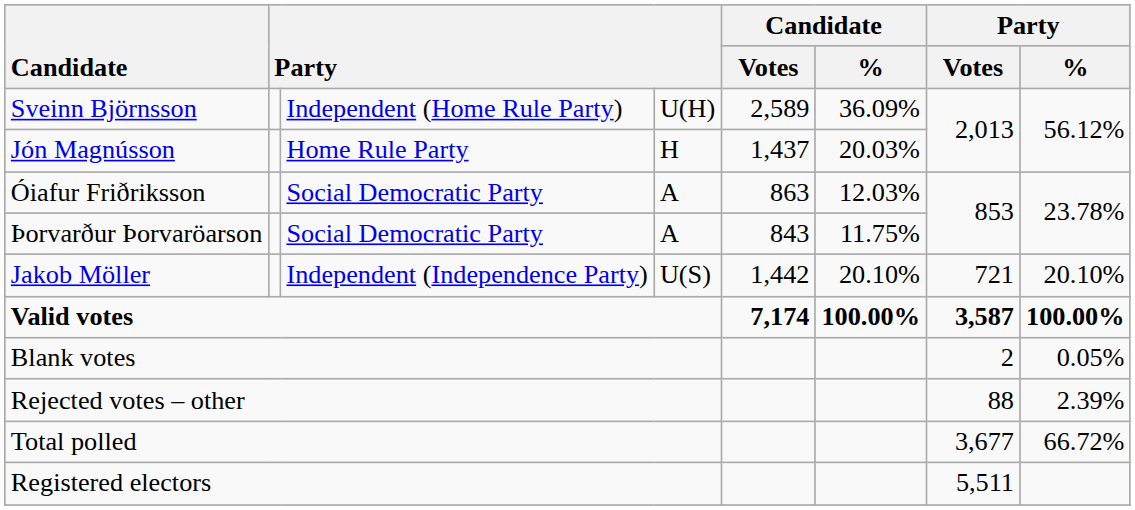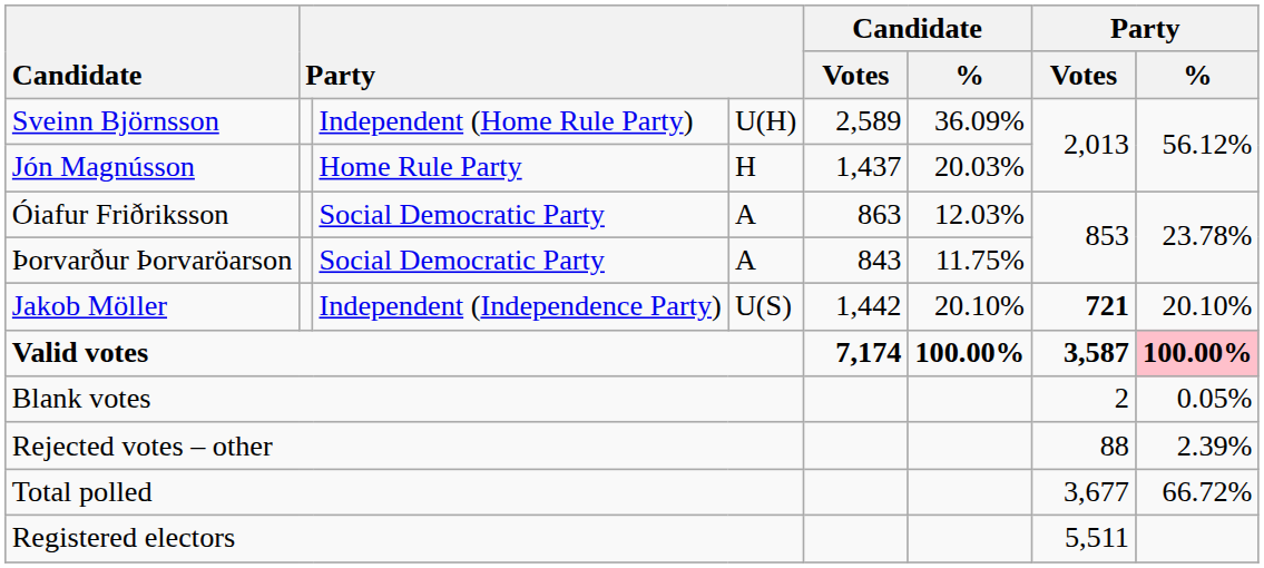 <table class="wikitable" border="1" style="text-align:right;">
 <tr>
 <th style="text-align:left;" valign=bottom rowspan=2>Candidate</th>
 <th style="text-align:left;" valign=bottom rowspan=2 colspan=3>Party</th>
 <th colspan=2>Candidate</th>
 <th colspan=2>Party</th>
 </tr>
 <tr>
 <th align=center valign=bottom width="50">Votes</th>
 <th align=center valign=bottom width="50">%</th>
 <th align=center valign=bottom width="50">Votes</th>
 <th align=center valign=bottom width="50">%</th>
 </tr>
 <tr>
 <td align=left><a href='#'>Sveinn Björnsson</a></td>
 <td></td>
 <td align=left><a href='#'>Independent</a> (<a href='#'>Home Rule Party</a>)</td>
 <td align=left>U(H)</td>
 <td>2,589</td>
 <td>36.09%</td>
 <td rowspan=2>2,013</td>
 <td rowspan=2>56.12%</td>
 </tr>
 <tr>
 <td align=left><a href='#'>Jón Magnússon</a></td>
 <td></td>
 <td align=left><a href='#'>Home Rule Party</a></td>
 <td align=left>H</td>
 <td>1,437</td>
 <td>20.03%</td>
 </tr>
 <tr>
 <td align=left>Óiafur Friðriksson</td>
 <td></td>
 <td align=left><a href='#'>Social Democratic Party</a></td>
 <td align=left>A</td>
 <td>863</td>
 <td>12.03%</td>
 <td rowspan=2>853</td>
 <td rowspan=2>23.78%</td>
 </tr>
 <tr>
 <td align=left>Þorvarður Þorvaröarson</td>
 <td></td>
 <td align=left><a href='#'>Social Democratic Party</a></td>
 <td align=left>A</td>
 <td>843</td>
 <td>11.75%</td>
 </tr>
 <tr>
 <td align=left><a href='#'>Jakob Möller</a></td>
 <td></td>
 <td align=left><a href='#'>Independent</a> (<a href='#'>Independence Party</a>)</td>
 <td align=left>U(S)</td>
 <td>1,442</td>
 <td>20.10%</td>
-<td>721</td>
+<td><strong>721</strong></td>
 <td>20.10%</td>
 </tr>
 <tr style="font-weight:bold">
 <td align=left colspan=4>Valid votes</td>
 <td>7,174</td>
 <td>100.00%</td>
 <td>3,587</td>
-<td>100.00%</td>
+<td style="background: pink;">100.00%</td>
 </tr>
 <tr>
 <td align=left colspan=4>Blank votes</td>
 <td></td>
 <td></td>
 <td>2</td>
 <td>0.05%</td>
 </tr>
 <tr>
 <td align=left colspan=4>Rejected votes – other</td>
 <td></td>
 <td></td>
 <td>88</td>
 <td>2.39%</td>
 </tr>
 <tr>
 <td align=left colspan=4>Total polled</td>
 <td></td>
 <td></td>
 <td>3,677</td>
 <td>66.72%</td>
 </tr>
 <tr>
 <td align=left colspan=4>Registered electors</td>
 <td></td>
 <td></td>
 <td>5,511</td>
 <td></td>
 </tr>
 </table>
